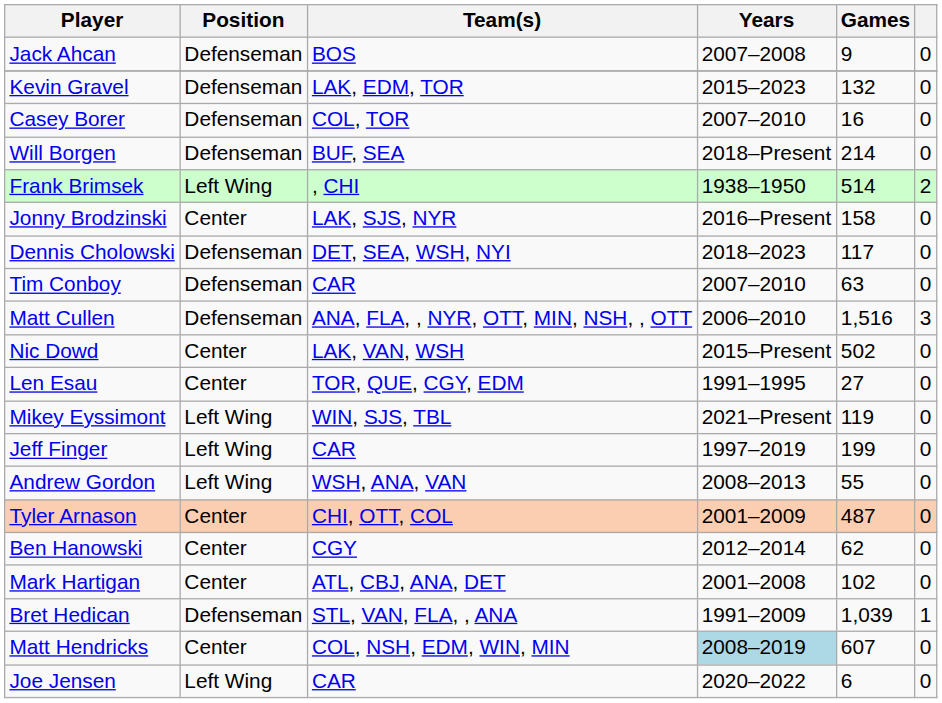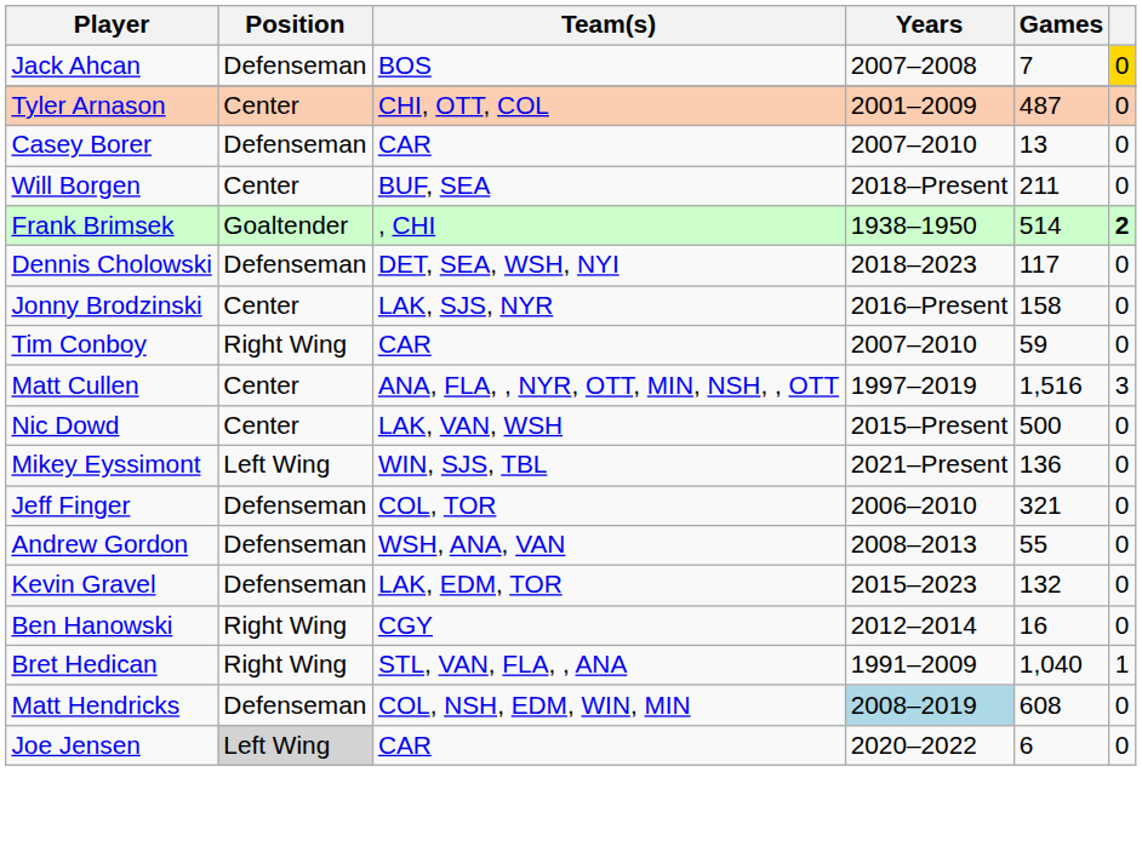 <table class="wikitable sortable">
 <tr>
 <th>Player</th>
 <th>Position</th>
 <th>Team(s)</th>
 <th>Years</th>
 <th>Games</th>
 <th><a href='#'></a></th>
 </tr>
 <tr>
 <td><a href='#'>Jack Ahcan</a></td>
 <td>Defenseman</td>
 <td><a href='#'>BOS</a></td>
 <td>2007–2008</td>
-<td>9</td>
+<td>7</td>
+<td style="background: gold;">0</td>
+</tr>
+<tr>
+</tr>
+<tr bgcolor=FBCEB1>
+<td><a href='#'>Tyler Arnason</a></td>
+<td>Center</td>
+<td><a href='#'>CHI</a>, <a href='#'>OTT</a>, <a href='#'>COL</a></td>
+<td>2001–2009</td>
+<td>487</td>
 <td>0</td>
 </tr>
 <tr>
+<td><a href='#'>Casey Borer</a></td>
+<td>Defenseman</td>
+<td><a href='#'>CAR</a></td>
+<td>2007–2010</td>
+<td>13</td>
+<td>0</td>
+</tr>
+<tr>
+<td><a href='#'>Will Borgen</a></td>
+<td>Center</td>
+<td><a href='#'>BUF</a>, <a href='#'>SEA</a></td>
+<td>2018–Present</td>
+<td>211</td>
+<td>0</td>
+</tr>
+<tr bgcolor=ccffcc>
+<td><a href='#'>Frank Brimsek</a></td>
+<td>Goaltender</td>
+<td><span><strong></strong></span>, <a href='#'>CHI</a></td>
+<td>1938–1950</td>
+<td>514</td>
+<td><strong>2</strong></td>
+</tr>
+<tr>
+<td><a href='#'>Dennis Cholowski</a></td>
+<td>Defenseman</td>
+<td><a href='#'>DET</a>, <a href='#'>SEA</a>, <a href='#'>WSH</a>, <a href='#'>NYI</a></td>
+<td>2018–2023</td>
+<td>117</td>
+<td>0</td>
+</tr>
+<tr>
+<td><a href='#'>Jonny Brodzinski</a></td>
+<td>Center</td>
+<td><a href='#'>LAK</a>, <a href='#'>SJS</a>, <a href='#'>NYR</a></td>
+<td>2016–Present</td>
+<td>158</td>
+<td>0</td>
+</tr>
+<tr>
+<td><a href='#'>Tim Conboy</a></td>
+<td>Right Wing</td>
+<td><a href='#'>CAR</a></td>
+<td>2007–2010</td>
+<td>59</td>
+<td>0</td>
+</tr>
+<tr>
+<td><a href='#'>Matt Cullen</a></td>
+<td>Center</td>
+<td><a href='#'>ANA</a>, <a href='#'>FLA</a>, <span><strong></strong></span>, <a href='#'>NYR</a>, <a href='#'>OTT</a>, <a href='#'>MIN</a>, <a href='#'>NSH</a>, <span><strong></strong></span>, <a href='#'>OTT</a></td>
+<td>1997–2019</td>
+<td>1,516</td>
+<td>3</td>
+</tr>
+<tr>
+<td><a href='#'>Nic Dowd</a></td>
+<td>Center</td>
+<td><a href='#'>LAK</a>, <a href='#'>VAN</a>, <a href='#'>WSH</a></td>
+<td>2015–Present</td>
+<td>500</td>
+<td>0</td>
+</tr>
+<tr>
+<td><a href='#'>Mikey Eyssimont</a></td>
+<td>Left Wing</td>
+<td><a href='#'>WIN</a>, <a href='#'>SJS</a>, <a href='#'>TBL</a></td>
+<td>2021–Present</td>
+<td>136</td>
+<td>0</td>
+</tr>
+<tr>
+<td><a href='#'>Jeff Finger</a></td>
+<td>Defenseman</td>
+<td><a href='#'>COL</a>, <a href='#'>TOR</a></td>
+<td>2006–2010</td>
+<td>321</td>
+<td>0</td>
+</tr>
+<tr>
+<td><a href='#'>Andrew Gordon</a></td>
+<td>Defenseman</td>
+<td><a href='#'>WSH</a>, <a href='#'>ANA</a>, <a href='#'>VAN</a></td>
+<td>2008–2013</td>
+<td>55</td>
+<td>0</td>
 </tr>
 <tr>
 <td><a href='#'>Kevin Gravel</a></td>
 <td>Defenseman</td>
 <td><a href='#'>LAK</a>, <a href='#'>EDM</a>, <a href='#'>TOR</a></td>
 <td>2015–2023</td>
 <td>132</td>
 <td>0</td>
 </tr>
 <tr>
-<td><a href='#'>Casey Borer</a></td>
-<td>Defenseman</td>
-<td><a href='#'>COL</a>, <a href='#'>TOR</a></td>
-<td>2007–2010</td>
+<td><a href='#'>Ben Hanowski</a></td>
+<td>Right Wing</td>
+<td><a href='#'>CGY</a></td>
+<td>2012–2014</td>
 <td>16</td>
 <td>0</td>
 </tr>
 <tr>
-<td><a href='#'>Will Borgen</a></td>
-<td>Defenseman</td>
-<td><a href='#'>BUF</a>, <a href='#'>SEA</a></td>
-<td>2018–Present</td>
-<td>214</td>
-<td>0</td>
-</tr>
-<tr bgcolor=ccffcc>
-<td><a href='#'>Frank Brimsek</a></td>
-<td>Left Wing</td>
-<td><span><strong></strong></span>, <a href='#'>CHI</a></td>
-<td>1938–1950</td>
-<td>514</td>
-<td>2</td>
-</tr>
-<tr>
-<td><a href='#'>Jonny Brodzinski</a></td>
-<td>Center</td>
-<td><a href='#'>LAK</a>, <a href='#'>SJS</a>, <a href='#'>NYR</a></td>
-<td>2016–Present</td>
-<td>158</td>
-<td>0</td>
-</tr>
-<tr>
-<td><a href='#'>Dennis Cholowski</a></td>
-<td>Defenseman</td>
-<td><a href='#'>DET</a>, <a href='#'>SEA</a>, <a href='#'>WSH</a>, <a href='#'>NYI</a></td>
-<td>2018–2023</td>
-<td>117</td>
-<td>0</td>
-</tr>
-<tr>
-<td><a href='#'>Tim Conboy</a></td>
-<td>Defenseman</td>
-<td><a href='#'>CAR</a></td>
-<td>2007–2010</td>
-<td>63</td>
-<td>0</td>
-</tr>
-<tr>
-<td><a href='#'>Matt Cullen</a></td>
-<td>Defenseman</td>
-<td><a href='#'>ANA</a>, <a href='#'>FLA</a>, <span><strong></strong></span>, <a href='#'>NYR</a>, <a href='#'>OTT</a>, <a href='#'>MIN</a>, <a href='#'>NSH</a>, <span><strong></strong></span>, <a href='#'>OTT</a></td>
-<td>2006–2010</td>
-<td>1,516</td>
-<td>3</td>
-</tr>
-<tr>
-<td><a href='#'>Nic Dowd</a></td>
-<td>Center</td>
-<td><a href='#'>LAK</a>, <a href='#'>VAN</a>, <a href='#'>WSH</a></td>
-<td>2015–Present</td>
-<td>502</td>
-<td>0</td>
-</tr>
-<tr>
-<td><a href='#'>Len Esau</a></td>
-<td>Center</td>
-<td><a href='#'>TOR</a>, <a href='#'>QUE</a>, <a href='#'>CGY</a>, <a href='#'>EDM</a></td>
-<td>1991–1995</td>
-<td>27</td>
-<td>0</td>
-</tr>
-<tr>
-<td><a href='#'>Mikey Eyssimont</a></td>
-<td>Left Wing</td>
-<td><a href='#'>WIN</a>, <a href='#'>SJS</a>, <a href='#'>TBL</a></td>
-<td>2021–Present</td>
-<td>119</td>
-<td>0</td>
-</tr>
-<tr>
-<td><a href='#'>Jeff Finger</a></td>
-<td>Left Wing</td>
-<td><a href='#'>CAR</a></td>
-<td>1997–2019</td>
-<td>199</td>
-<td>0</td>
-</tr>
-<tr>
-<td><a href='#'>Andrew Gordon</a></td>
-<td>Left Wing</td>
-<td><a href='#'>WSH</a>, <a href='#'>ANA</a>, <a href='#'>VAN</a></td>
-<td>2008–2013</td>
-<td>55</td>
-<td>0</td>
-</tr>
-<tr bgcolor=FBCEB1>
-<td><a href='#'>Tyler Arnason</a></td>
-<td>Center</td>
-<td><a href='#'>CHI</a>, <a href='#'>OTT</a>, <a href='#'>COL</a></td>
-<td>2001–2009</td>
-<td>487</td>
-<td>0</td>
-</tr>
-<tr>
-<td><a href='#'>Ben Hanowski</a></td>
-<td>Center</td>
-<td><a href='#'>CGY</a></td>
-<td>2012–2014</td>
-<td>62</td>
-<td>0</td>
-</tr>
-<tr>
-<td><a href='#'>Mark Hartigan</a></td>
-<td>Center</td>
-<td><a href='#'>ATL</a>, <a href='#'>CBJ</a>, <a href='#'>ANA</a>, <a href='#'>DET</a></td>
-<td>2001–2008</td>
-<td>102</td>
-<td>0</td>
-</tr>
-<tr>
 <td><a href='#'>Bret Hedican</a></td>
-<td>Defenseman</td>
+<td>Right Wing</td>
 <td><a href='#'>STL</a>, <a href='#'>VAN</a>, <a href='#'>FLA</a>, <span><strong></strong></span>, <a href='#'>ANA</a></td>
 <td>1991–2009</td>
-<td>1,039</td>
+<td>1,040</td>
 <td>1</td>
 </tr>
 <tr>
 <td><a href='#'>Matt Hendricks</a></td>
-<td>Center</td>
+<td>Defenseman</td>
 <td><a href='#'>COL</a>, <a href='#'>NSH</a>, <a href='#'>EDM</a>, <a href='#'>WIN</a>, <a href='#'>MIN</a></td>
 <td style="background: lightblue;">2008–2019</td>
-<td>607</td>
+<td>608</td>
 <td>0</td>
 </tr>
 <tr>
 <td><a href='#'>Joe Jensen</a></td>
-<td>Left Wing</td>
+<td style="background: lightgrey;">Left Wing</td>
 <td><a href='#'>CAR</a></td>
 <td>2020–2022</td>
 <td>6</td>
 <td>0</td>
 </tr>
 </table>
